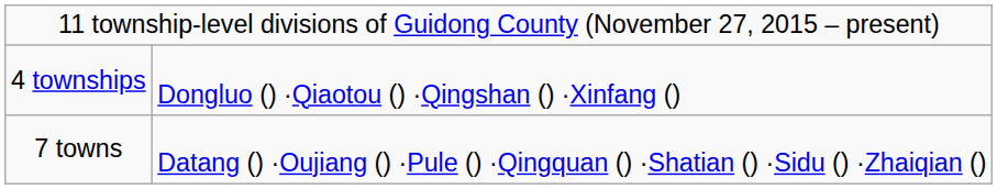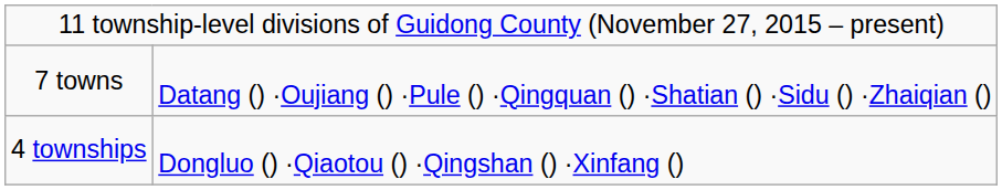 <table class="wikitable">
 <tr>
 <td style="text-align:center;" colspan="2">11 township-level divisions of <a href='#'>Guidong County</a> (November 27, 2015 – present)</td>
 </tr>
 <tr align=left>
+<td align=center>7 towns</td>
+<td><br><a href='#'>Datang</a> () ·<a href='#'>Oujiang</a> () ·<a href='#'>Pule</a> () ·<a href='#'>Qingquan</a> () ·<a href='#'>Shatian</a> () ·<a href='#'>Sidu</a> () ·<a href='#'>Zhaiqian</a> ()</td>
+</tr>
+<tr align=left>
 <td align=center>4 <a href='#'>townships</a></td>
 <td><br><a href='#'>Dongluo</a> () ·<a href='#'>Qiaotou</a> () ·<a href='#'>Qingshan</a> () ·<a href='#'>Xinfang</a> ()</td>
 </tr>
-<tr align=left>
-<td align=center>7 towns</td>
-<td><br><a href='#'>Datang</a> () ·<a href='#'>Oujiang</a> () ·<a href='#'>Pule</a> () ·<a href='#'>Qingquan</a> () ·<a href='#'>Shatian</a> () ·<a href='#'>Sidu</a> () ·<a href='#'>Zhaiqian</a> ()</td>
-</tr>
 </table>
